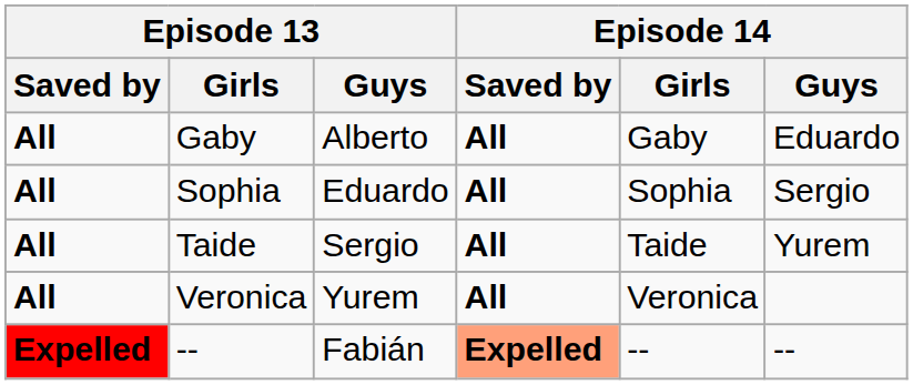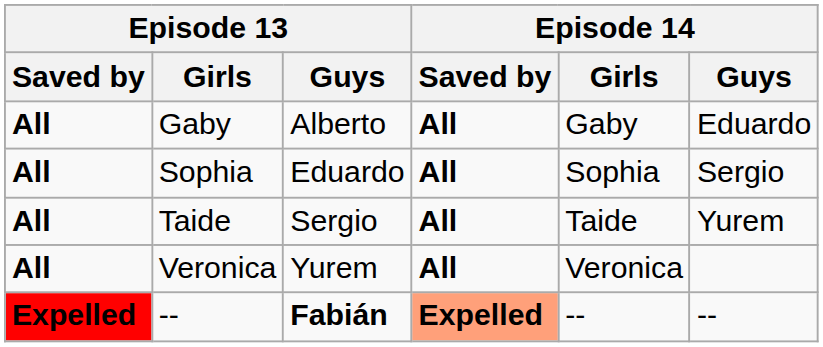 <table class="wikitable">
 <tr>
 <th colspan=3><strong>Episode 13</strong></th>
 <th colspan=3><strong>Episode 14</strong></th>
 </tr>
 <tr>
 <th>Saved by</th>
 <th>Girls</th>
 <th>Guys</th>
 <th>Saved by</th>
 <th>Girls</th>
 <th>Guys</th>
 </tr>
 <tr>
 <td><strong>All</strong></td>
 <td>Gaby</td>
 <td>Alberto</td>
 <td><strong>All</strong></td>
 <td>Gaby</td>
 <td>Eduardo</td>
 </tr>
 <tr>
 <td><strong>All</strong></td>
 <td>Sophia</td>
 <td>Eduardo</td>
 <td><strong>All</strong></td>
 <td>Sophia</td>
 <td>Sergio</td>
 </tr>
 <tr>
 <td><strong>All</strong></td>
 <td>Taide</td>
 <td>Sergio</td>
 <td><strong>All</strong></td>
 <td>Taide</td>
 <td>Yurem</td>
 </tr>
 <tr>
 <td><strong>All</strong></td>
 <td>Veronica</td>
 <td>Yurem</td>
 <td><strong>All</strong></td>
 <td>Veronica</td>
 <td></td>
 </tr>
 <tr>
 <td style="background:#FF0000"><strong>Expelled</strong></td>
 <td>--</td>
-<td>Fabián</td>
+<td><strong>Fabián</strong></td>
 <td style="background: lightsalmon;"><strong>Expelled</strong></td>
 <td>--</td>
 <td>--</td>
 </tr>
 </table>
